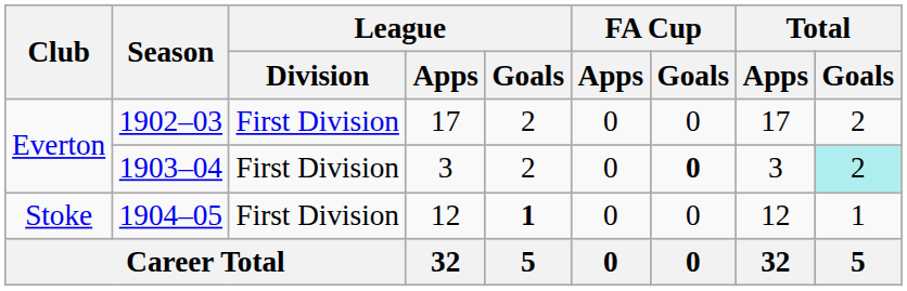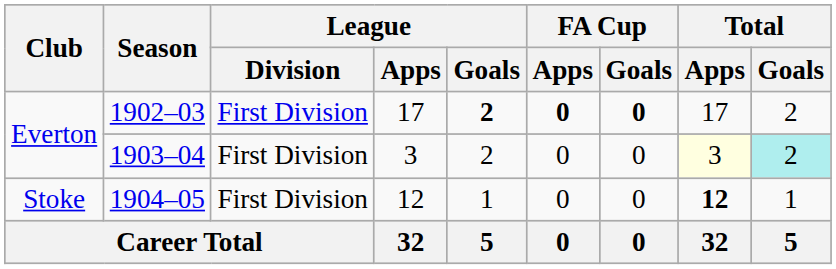 <table class="wikitable" style="text-align: center;">
 <tr>
 <th rowspan="2">Club</th>
 <th rowspan="2">Season</th>
 <th colspan="3">League</th>
 <th colspan="2">FA Cup</th>
 <th colspan="2">Total</th>
 </tr>
 <tr>
 <th>Division</th>
 <th>Apps</th>
 <th>Goals</th>
 <th>Apps</th>
 <th>Goals</th>
 <th>Apps</th>
 <th>Goals</th>
 </tr>
 <tr>
 <td rowspan="2"><a href='#'>Everton</a></td>
 <td><a href='#'>1902–03</a></td>
 <td><a href='#'>First Division</a></td>
 <td>17</td>
-<td>2</td>
-<td>0</td>
-<td>0</td>
+<td><strong>2</strong></td>
+<td><strong>0</strong></td>
+<td><strong>0</strong></td>
 <td>17</td>
 <td>2</td>
 </tr>
 <tr>
 <td><a href='#'>1903–04</a></td>
 <td>First Division</td>
 <td>3</td>
 <td>2</td>
 <td>0</td>
-<td><strong>0</strong></td>
-<td>3</td>
+<td>0</td>
+<td style="background: lightyellow;">3</td>
 <td style="background: paleturquoise;">2</td>
 </tr>
 <tr>
 <td><a href='#'>Stoke</a></td>
 <td><a href='#'>1904–05</a></td>
 <td>First Division</td>
 <td>12</td>
-<td><strong>1</strong></td>
+<td>1</td>
 <td>0</td>
 <td>0</td>
-<td>12</td>
+<td><strong>12</strong></td>
 <td>1</td>
 </tr>
 <tr>
 <th colspan="3">Career Total</th>
 <th>32</th>
 <th>5</th>
 <th>0</th>
 <th>0</th>
 <th>32</th>
 <th>5</th>
 </tr>
 </table>
